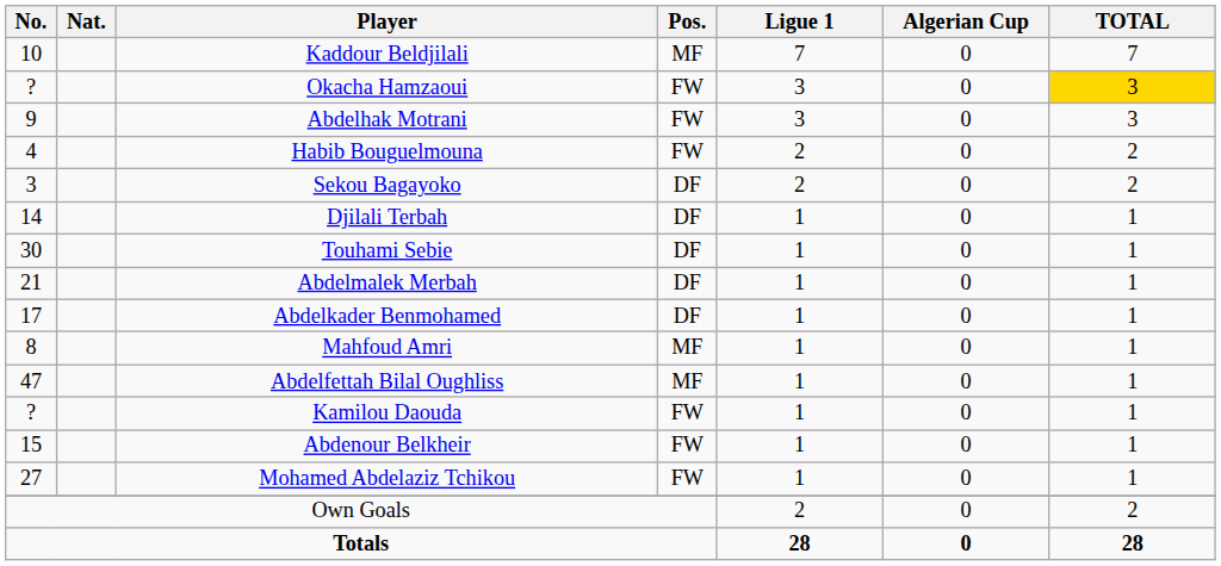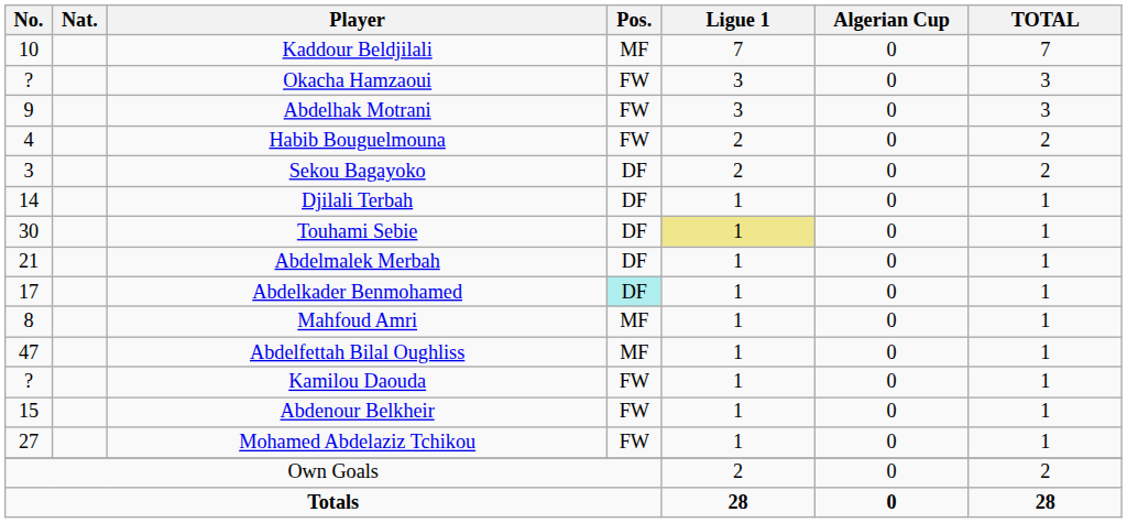 <table class="wikitable sortable alternance"  style="font-size:85%; text-align:center; line-height:14px; width:60%;">
 <tr>
 <th width=10>No.</th>
 <th width=10>Nat.</th>
 <th scope="col" style="width:275px;">Player</th>
 <th width=10>Pos.</th>
 <th width=80>Ligue 1</th>
 <th width=80>Algerian Cup</th>
 <th width=80>TOTAL</th>
 </tr>
 <tr>
 <td>10</td>
 <td></td>
 <td><a href='#'>Kaddour Beldjilali</a></td>
 <td>MF</td>
 <td>7</td>
 <td>0</td>
 <td>7</td>
 </tr>
 <tr>
 <td>?</td>
 <td></td>
 <td><a href='#'>Okacha Hamzaoui</a></td>
 <td>FW</td>
 <td>3</td>
 <td>0</td>
-<td style="background: gold;">3</td>
+<td>3</td>
 </tr>
 <tr>
 <td>9</td>
 <td></td>
 <td><a href='#'>Abdelhak Motrani</a></td>
 <td>FW</td>
 <td>3</td>
 <td>0</td>
 <td>3</td>
 </tr>
 <tr>
 <td>4</td>
 <td></td>
 <td><a href='#'>Habib Bouguelmouna</a></td>
 <td>FW</td>
 <td>2</td>
 <td>0</td>
 <td>2</td>
 </tr>
 <tr>
 <td>3</td>
 <td></td>
 <td><a href='#'>Sekou Bagayoko</a></td>
 <td>DF</td>
 <td>2</td>
 <td>0</td>
 <td>2</td>
 </tr>
 <tr>
 <td>14</td>
 <td></td>
 <td><a href='#'>Djilali Terbah</a></td>
 <td>DF</td>
 <td>1</td>
 <td>0</td>
 <td>1</td>
 </tr>
 <tr>
 <td>30</td>
 <td></td>
 <td><a href='#'>Touhami Sebie</a></td>
 <td>DF</td>
-<td>1</td>
+<td style="background: khaki;">1</td>
 <td>0</td>
 <td>1</td>
 </tr>
 <tr>
 <td>21</td>
 <td></td>
 <td><a href='#'>Abdelmalek Merbah</a></td>
 <td>DF</td>
 <td>1</td>
 <td>0</td>
 <td>1</td>
 </tr>
 <tr>
 <td>17</td>
 <td></td>
 <td><a href='#'>Abdelkader Benmohamed</a></td>
-<td>DF</td>
+<td style="background: paleturquoise;">DF</td>
 <td>1</td>
 <td>0</td>
 <td>1</td>
 </tr>
 <tr>
 <td>8</td>
 <td></td>
 <td><a href='#'>Mahfoud Amri</a></td>
 <td>MF</td>
 <td>1</td>
 <td>0</td>
 <td>1</td>
 </tr>
 <tr>
 <td>47</td>
 <td></td>
 <td><a href='#'>Abdelfettah Bilal Oughliss</a></td>
 <td>MF</td>
 <td>1</td>
 <td>0</td>
 <td>1</td>
 </tr>
 <tr>
 <td>?</td>
 <td></td>
 <td><a href='#'>Kamilou Daouda</a></td>
 <td>FW</td>
 <td>1</td>
 <td>0</td>
 <td>1</td>
 </tr>
 <tr>
 <td>15</td>
 <td></td>
 <td><a href='#'>Abdenour Belkheir</a></td>
 <td>FW</td>
 <td>1</td>
 <td>0</td>
 <td>1</td>
 </tr>
 <tr>
 <td>27</td>
 <td></td>
 <td><a href='#'>Mohamed Abdelaziz Tchikou</a></td>
 <td>FW</td>
 <td>1</td>
 <td>0</td>
 <td>1</td>
 </tr>
 <tr>
 </tr>
 <tr class="sortbottom">
 <td colspan="4">Own Goals</td>
 <td>2</td>
 <td>0</td>
 <td>2</td>
 </tr>
 <tr class="sortbottom">
 <td colspan="4"><strong>Totals</strong></td>
 <td><strong>28</strong></td>
 <td><strong>0</strong></td>
 <td><strong>28</strong></td>
 </tr>
 </table>
